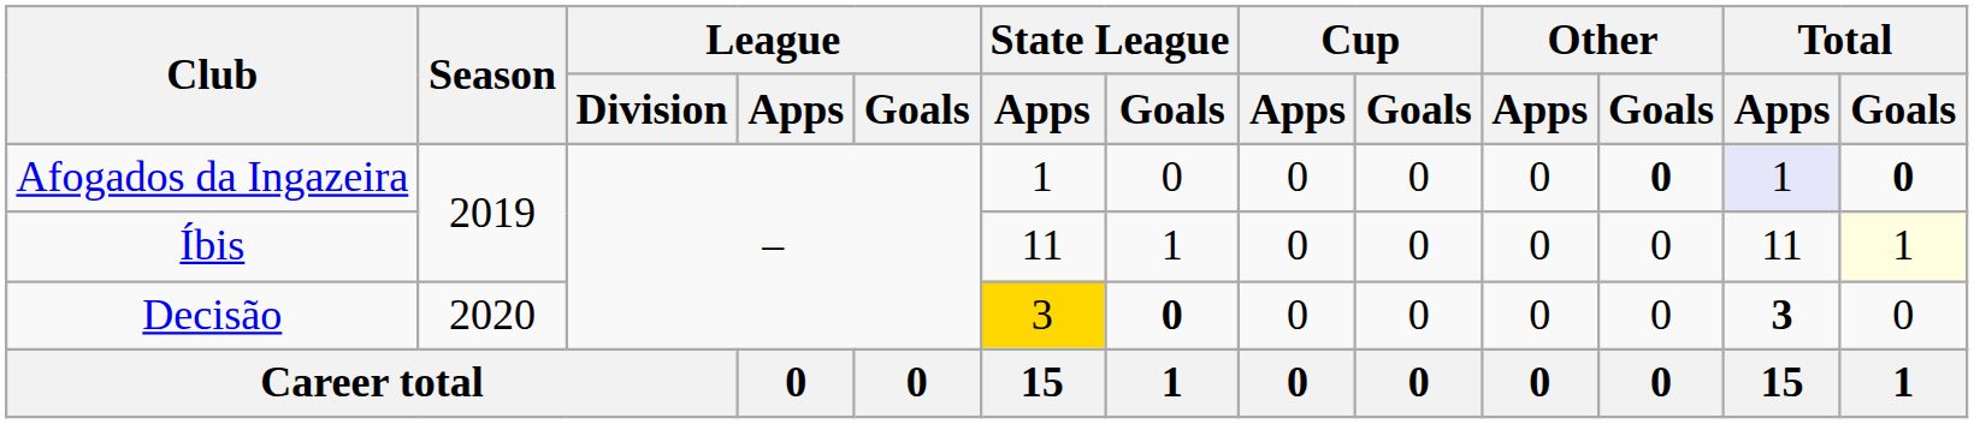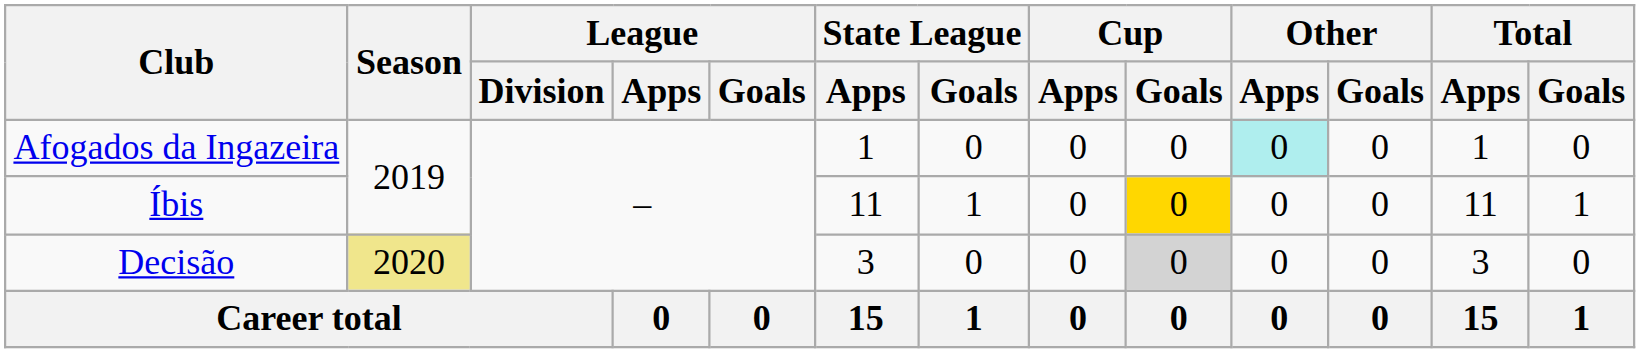 <table class="wikitable" style="text-align: center">
 <tr>
 <th rowspan="2">Club</th>
 <th rowspan="2">Season</th>
 <th colspan="3">League</th>
 <th colspan="2">State League</th>
 <th colspan="2">Cup</th>
 <th colspan="2">Other</th>
 <th colspan="2">Total</th>
 </tr>
 <tr>
 <th>Division</th>
 <th>Apps</th>
 <th>Goals</th>
 <th>Apps</th>
 <th>Goals</th>
 <th>Apps</th>
 <th>Goals</th>
 <th>Apps</th>
 <th>Goals</th>
 <th>Apps</th>
 <th>Goals</th>
 </tr>
 <tr>
 <td><a href='#'>Afogados da Ingazeira</a></td>
 <td rowspan="2">2019</td>
 <td colspan="3" rowspan="3">–</td>
 <td>1</td>
 <td>0</td>
 <td>0</td>
 <td>0</td>
+<td style="background: paleturquoise;">0</td>
 <td>0</td>
-<td><strong>0</strong></td>
-<td style="background: lavender;">1</td>
-<td><strong>0</strong></td>
+<td>1</td>
+<td>0</td>
 </tr>
 <tr>
 <td><a href='#'>Íbis</a></td>
 <td>11</td>
 <td>1</td>
 <td>0</td>
-<td>0</td>
+<td style="background: gold;">0</td>
 <td>0</td>
 <td>0</td>
 <td>11</td>
-<td style="background: lightyellow;">1</td>
+<td>1</td>
 </tr>
 <tr>
 <td><a href='#'>Decisão</a></td>
-<td>2020</td>
-<td style="background: gold;">3</td>
-<td><strong>0</strong></td>
+<td style="background: khaki;">2020</td>
+<td>3</td>
 <td>0</td>
 <td>0</td>
+<td style="background: lightgrey;">0</td>
 <td>0</td>
 <td>0</td>
-<td><strong>3</strong></td>
+<td>3</td>
 <td>0</td>
 </tr>
 <tr>
 <th colspan="3"><strong>Career total</strong></th>
 <th>0</th>
 <th>0</th>
 <th>15</th>
 <th>1</th>
 <th>0</th>
 <th>0</th>
 <th>0</th>
 <th>0</th>
 <th>15</th>
 <th>1</th>
 </tr>
 </table>
